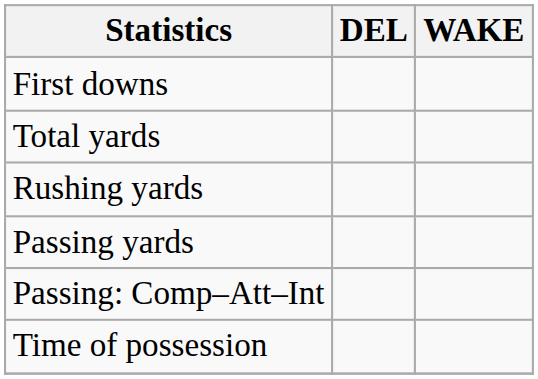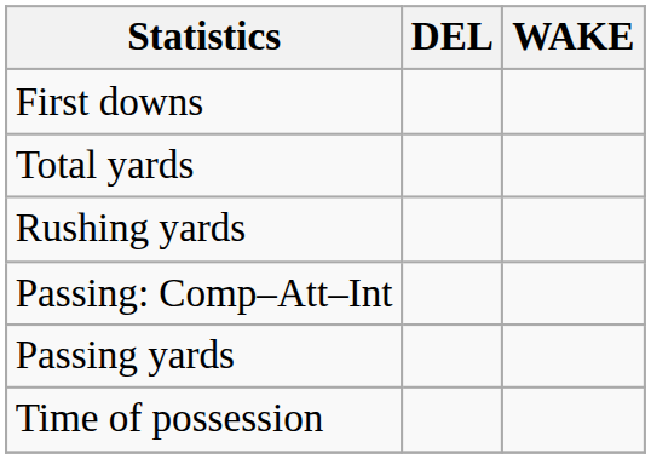 <table class="wikitable" style="float: left;">
 <tr>
 <th>Statistics</th>
 <th>DEL</th>
 <th>WAKE</th>
 </tr>
 <tr>
 <td>First downs</td>
 <td></td>
 <td></td>
 </tr>
 <tr>
 <td>Total yards</td>
 <td></td>
 <td></td>
 </tr>
 <tr>
 <td>Rushing yards</td>
 <td></td>
 <td></td>
 </tr>
 <tr>
-<td>Passing yards</td>
+<td>Passing: Comp–Att–Int</td>
 <td></td>
 <td></td>
 </tr>
 <tr>
-<td>Passing: Comp–Att–Int</td>
+<td>Passing yards</td>
 <td></td>
 <td></td>
 </tr>
 <tr>
 <td>Time of possession</td>
 <td></td>
 <td></td>
 </tr>
 <tr>
 </tr>
 </table>
